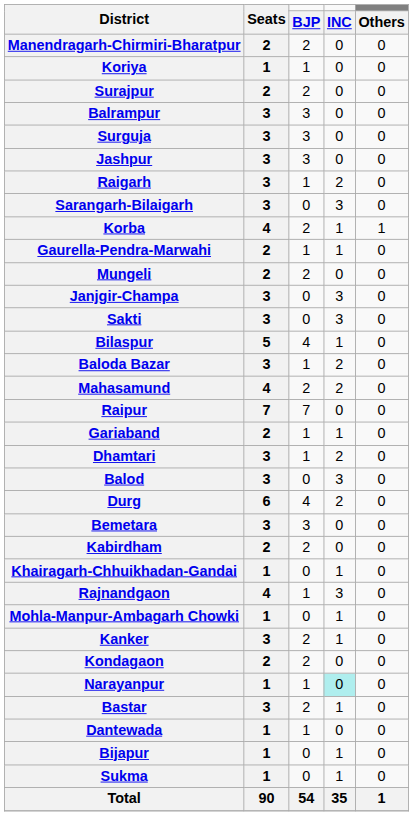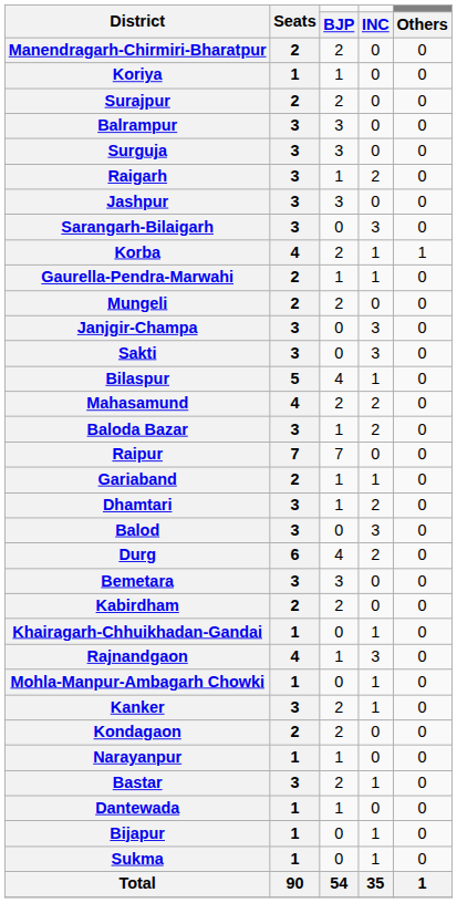 <table class="wikitable" style="text-align:center;">
 <tr>
 <th rowspan="2”">District</th>
 <th rowspan="2">Seats</th>
 <td></td>
 <td></td>
 <td bgcolor=grey></td>
 </tr>
 <tr>
 <th><a href='#'>BJP</a></th>
 <th><a href='#'>INC</a></th>
 <th>Others</th>
 </tr>
 <tr>
 <th><a href='#'>Manendragarh-Chirmiri-Bharatpur</a></th>
 <th>2</th>
 <td style="background:">2</td>
 <td>0</td>
 <td>0</td>
 </tr>
 <tr>
 <th><a href='#'>Koriya</a></th>
 <th>1</th>
 <td style="background:">1</td>
 <td>0</td>
 <td>0</td>
 </tr>
 <tr>
 <th><a href='#'>Surajpur</a></th>
 <th>2</th>
 <td style="background:">2</td>
 <td>0</td>
 <td>0</td>
 </tr>
 <tr>
 <th><a href='#'>Balrampur</a></th>
 <th>3</th>
 <td style="background:">3</td>
 <td>0</td>
 <td>0</td>
 </tr>
 <tr>
 <th><a href='#'>Surguja</a></th>
 <th>3</th>
 <td style="background:">3</td>
 <td>0</td>
 <td>0</td>
 </tr>
 <tr>
+<th><a href='#'>Raigarh</a></th>
+<th>3</th>
+<td>1</td>
+<td style="background:">2</td>
+<td>0</td>
+</tr>
+<tr>
 <th><a href='#'>Jashpur</a></th>
 <th>3</th>
 <td style="background:">3</td>
 <td>0</td>
-<td>0</td>
-</tr>
-<tr>
-<th><a href='#'>Raigarh</a></th>
-<th>3</th>
-<td>1</td>
-<td style="background:">2</td>
 <td>0</td>
 </tr>
 <tr>
 <th><a href='#'>Sarangarh-Bilaigarh</a></th>
 <th>3</th>
 <td>0</td>
 <td style="background:">3</td>
 <td>0</td>
 </tr>
 <tr>
 <th><a href='#'>Korba</a></th>
 <th>4</th>
 <td style="background:">2</td>
 <td>1</td>
 <td>1</td>
 </tr>
 <tr>
 <th><a href='#'>Gaurella-Pendra-Marwahi</a></th>
 <th>2</th>
 <td>1</td>
 <td>1</td>
 <td>0</td>
 </tr>
 <tr>
 <th><a href='#'>Mungeli</a></th>
 <th>2</th>
 <td style="background:">2</td>
 <td>0</td>
 <td>0</td>
 </tr>
 <tr>
 <th><a href='#'>Janjgir-Champa</a></th>
 <th>3</th>
 <td>0</td>
 <td style="background:">3</td>
 <td>0</td>
 </tr>
 <tr>
 <th><a href='#'>Sakti</a></th>
 <th>3</th>
 <td>0</td>
 <td style="background:">3</td>
 <td>0</td>
 </tr>
 <tr>
 <th><a href='#'>Bilaspur</a></th>
 <th>5</th>
 <td style="background:">4</td>
 <td>1</td>
 <td>0</td>
 </tr>
 <tr>
+<th><a href='#'>Mahasamund</a></th>
+<th>4</th>
+<td>2</td>
+<td>2</td>
+<td>0</td>
+</tr>
+<tr>
 <th><a href='#'>Baloda Bazar</a></th>
 <th>3</th>
 <td>1</td>
 <td style="background:">2</td>
-<td>0</td>
-</tr>
-<tr>
-<th><a href='#'>Mahasamund</a></th>
-<th>4</th>
-<td>2</td>
-<td>2</td>
 <td>0</td>
 </tr>
 <tr>
 <th><a href='#'>Raipur</a></th>
 <th>7</th>
 <td style="background:">7</td>
 <td>0</td>
 <td>0</td>
 </tr>
 <tr>
 <th><a href='#'>Gariaband</a></th>
 <th>2</th>
 <td>1</td>
 <td>1</td>
 <td>0</td>
 </tr>
 <tr>
 <th><a href='#'>Dhamtari</a></th>
 <th>3</th>
 <td>1</td>
 <td style="background:">2</td>
 <td>0</td>
 </tr>
 <tr>
 <th><a href='#'>Balod</a></th>
 <th>3</th>
 <td>0</td>
 <td style="background:">3</td>
 <td>0</td>
 </tr>
 <tr>
 <th><a href='#'>Durg</a></th>
 <th>6</th>
 <td style="background:">4</td>
 <td>2</td>
 <td>0</td>
 </tr>
 <tr>
 <th><a href='#'>Bemetara</a></th>
 <th>3</th>
 <td style="background:">3</td>
 <td>0</td>
 <td>0</td>
 </tr>
 <tr>
 <th><a href='#'>Kabirdham</a></th>
 <th>2</th>
 <td style="background:">2</td>
 <td>0</td>
 <td>0</td>
 </tr>
 <tr>
 <th><a href='#'>Khairagarh-Chhuikhadan-Gandai</a></th>
 <th>1</th>
 <td>0</td>
 <td style="background:">1</td>
 <td>0</td>
 </tr>
 <tr>
 <th><a href='#'>Rajnandgaon</a></th>
 <th>4</th>
 <td>1</td>
 <td style="background:">3</td>
 <td>0</td>
 </tr>
 <tr>
 <th><a href='#'>Mohla-Manpur-Ambagarh Chowki</a></th>
 <th>1</th>
 <td>0</td>
 <td style="background:">1</td>
 <td>0</td>
 </tr>
 <tr>
 <th><a href='#'>Kanker</a></th>
 <th>3</th>
 <td style="background:">2</td>
 <td>1</td>
 <td>0</td>
 </tr>
 <tr>
 <th><a href='#'>Kondagaon</a></th>
 <th>2</th>
 <td style="background:">2</td>
 <td>0</td>
 <td>0</td>
 </tr>
 <tr>
 <th><a href='#'>Narayanpur</a></th>
 <th>1</th>
 <td style="background:">1</td>
-<td style="background: paleturquoise;">0</td>
+<td>0</td>
 <td>0</td>
 </tr>
 <tr>
 <th><a href='#'>Bastar</a></th>
 <th>3</th>
 <td style="background:">2</td>
 <td>1</td>
 <td>0</td>
 </tr>
 <tr>
 <th><a href='#'>Dantewada</a></th>
 <th>1</th>
 <td style="background:">1</td>
 <td>0</td>
 <td>0</td>
 </tr>
 <tr>
 <th><a href='#'>Bijapur</a></th>
 <th>1</th>
 <td>0</td>
 <td style="background:">1</td>
 <td>0</td>
 </tr>
 <tr>
 <th><a href='#'>Sukma</a></th>
 <th>1</th>
 <td>0</td>
 <td style="background:">1</td>
 <td>0</td>
 </tr>
 <tr>
 <th>Total</th>
 <th>90</th>
 <th>54</th>
 <th>35</th>
 <th>1</th>
 </tr>
 <tr>
 </tr>
 </table>
